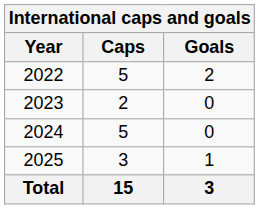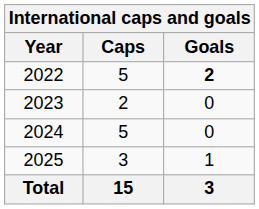 <table class="wikitable sortable" style="text-align:center">
 <tr>
 <th colspan="3">International caps and goals</th>
 </tr>
 <tr>
 <th>Year</th>
 <th>Caps</th>
 <th>Goals</th>
 </tr>
 <tr>
 <td>2022</td>
 <td>5</td>
-<td>2</td>
+<td><strong>2</strong></td>
 </tr>
 <tr>
 <td>2023</td>
 <td>2</td>
 <td>0</td>
 </tr>
 <tr>
 <td>2024</td>
 <td>5</td>
 <td>0</td>
 </tr>
 <tr>
 <td>2025</td>
 <td>3</td>
 <td>1</td>
 </tr>
 <tr>
 <th>Total</th>
 <th>15</th>
 <th>3</th>
 </tr>
 </table>
